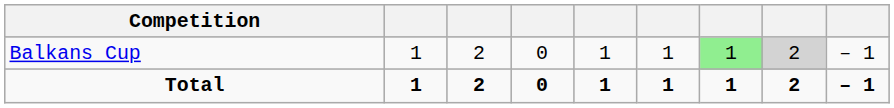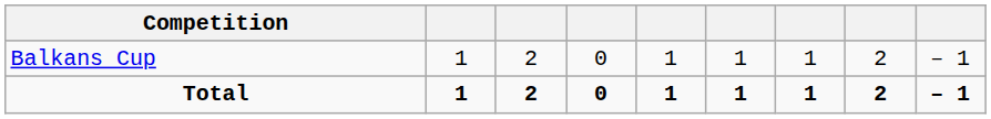 <table class="wikitable" style="text-align: center;">
 <tr>
 <th style="width:242px;">Competition</th>
 <th style="width:35px;"></th>
 <th style="width:35px;"></th>
 <th style="width:35px;"></th>
 <th style="width:35px;"></th>
 <th style="width:35px;"></th>
 <th style="width:35px;"></th>
 <th style="width:35px;"></th>
 <th style="width:35px;"></th>
 </tr>
 <tr>
 <td align=left><a href='#'>Balkans Cup</a></td>
 <td>1</td>
 <td>2</td>
 <td>0</td>
 <td>1</td>
 <td>1</td>
-<td style="background: lightgreen;">1</td>
-<td style="background: lightgrey;">2</td>
+<td>1</td>
+<td>2</td>
 <td>– 1</td>
 </tr>
 <tr>
 <td><strong>Total</strong></td>
 <td><strong>1</strong></td>
 <td><strong>2</strong></td>
 <td><strong>0</strong></td>
 <td><strong>1</strong></td>
 <td><strong>1</strong></td>
 <td><strong>1</strong></td>
 <td><strong>2</strong></td>
 <td><strong>– 1</strong></td>
 </tr>
 </table>
